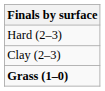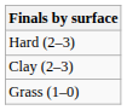 <table class=wikitable style=font-size:90%>
 <tr>
 <th>Finals by surface</th>
 </tr>
 <tr>
 <td>Hard (2–3)</td>
 </tr>
 <tr>
 <td>Clay (2–3)</td>
 </tr>
 <tr>
-<td><strong>Grass (1–0)</strong></td>
+<td>Grass (1–0)</td>
 </tr>
 </table>
